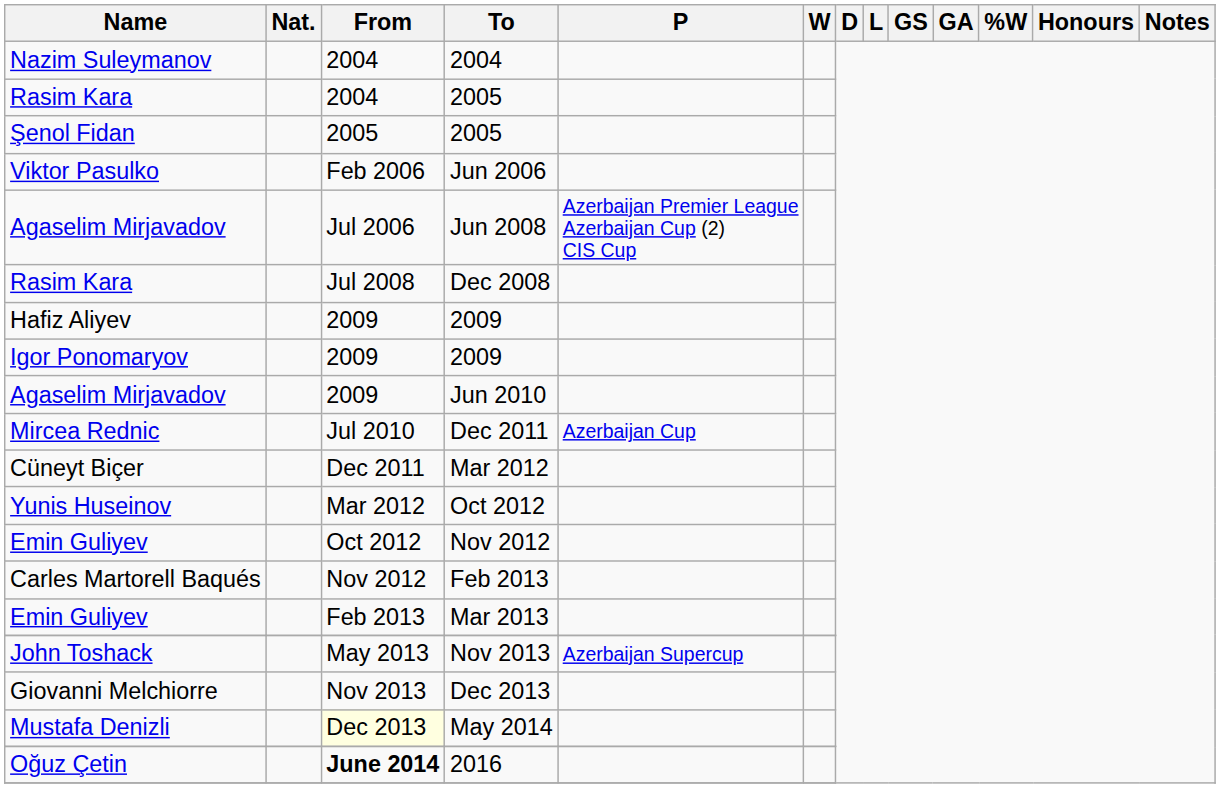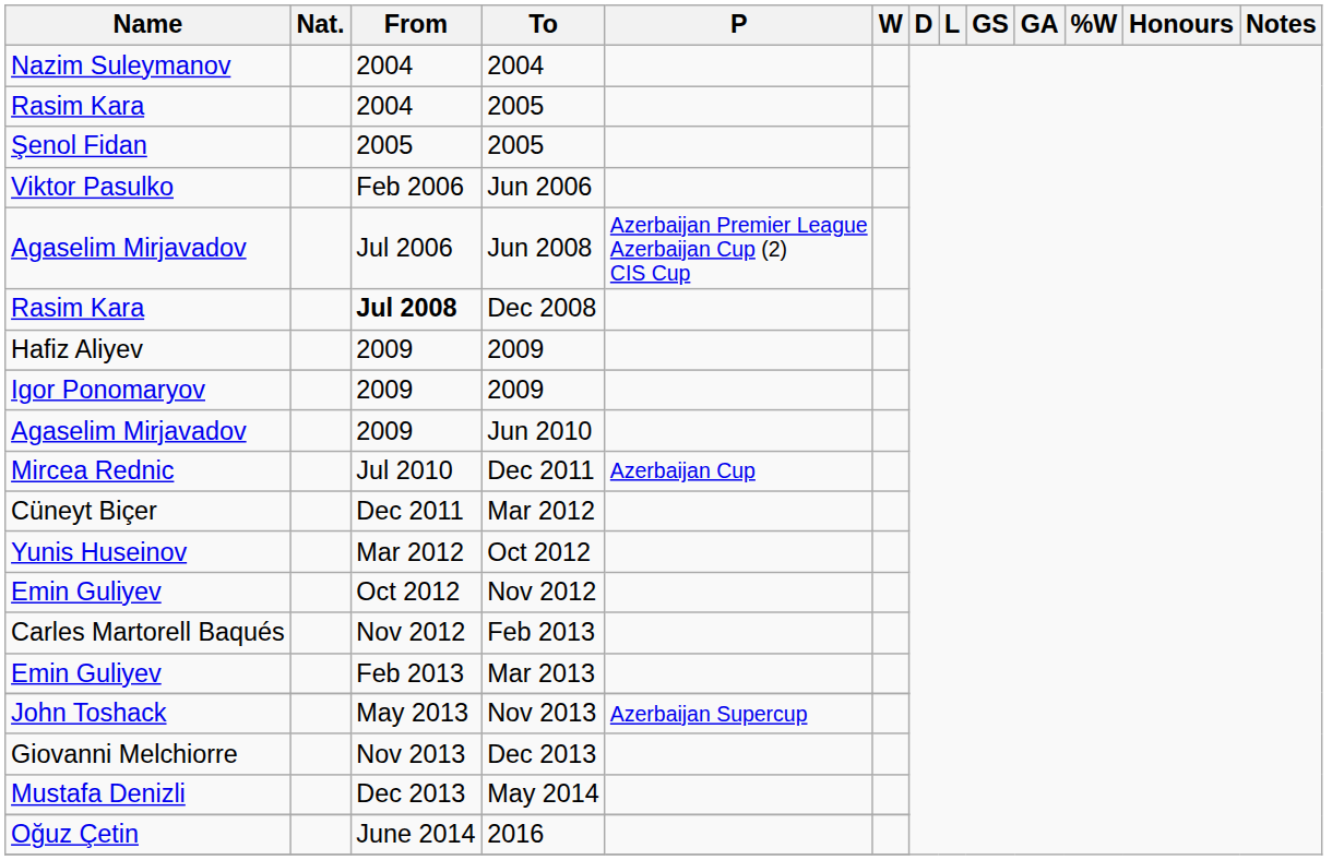 <table class="wikitable sortable" style="text-align: center">
 <tr>
 <th>Name</th>
 <th>Nat.</th>
 <th class="unsortable">From</th>
 <th class="unsortable">To</th>
 <th abbr="TOTAL OF MATCHES PLAYED">P</th>
 <th abbr="MATCHES WON">W</th>
 <th abbr="MATCHES DRAWN">D</th>
 <th abbr="MATCHES LOST">L</th>
 <th abbr="GOALS SCORED">GS</th>
 <th abbr="GOAL AGAINST">GA</th>
 <th abbr="PERCENTAGE OF MATCHES WON">%W</th>
 <th abbr="HONOURS">Honours</th>
 <th abbr="NOTES">Notes</th>
 </tr>
 <tr>
 <td align=left><a href='#'>Nazim Suleymanov</a></td>
 <td align=left></td>
 <td align=left>2004</td>
 <td align=left>2004<br></td>
 <td></td>
 <td></td>
 </tr>
 <tr>
 <td align=left><a href='#'>Rasim Kara</a></td>
 <td align=left></td>
 <td align=left>2004</td>
 <td align=left>2005<br></td>
 <td></td>
 <td></td>
 </tr>
 <tr>
 <td align=left><a href='#'>Şenol Fidan</a> </td>
 <td align=left></td>
 <td align=left>2005</td>
 <td align=left>2005<br></td>
 <td></td>
 <td></td>
 </tr>
 <tr>
 <td align=left><a href='#'>Viktor Pasulko</a></td>
 <td align=left></td>
 <td align=left>Feb 2006</td>
 <td align=left>Jun 2006<br></td>
 <td></td>
 <td></td>
 </tr>
 <tr>
 <td align=left><a href='#'>Agaselim Mirjavadov</a></td>
 <td align=left></td>
 <td align=left>Jul 2006</td>
 <td align=left>Jun 2008<br></td>
 <td style="text-align:left;font-size:smaller"><a href='#'>Azerbaijan Premier League</a><br><a href='#'>Azerbaijan Cup</a> (2)<br><a href='#'>CIS Cup</a></td>
 <td></td>
 </tr>
 <tr>
 <td align=left><a href='#'>Rasim Kara</a></td>
 <td align=left></td>
-<td align=left>Jul 2008</td>
+<td align=left><strong>Jul 2008</strong></td>
 <td align=left>Dec 2008<br></td>
 <td></td>
 <td></td>
 </tr>
 <tr>
 <td align=left>Hafiz Aliyev </td>
 <td align=left></td>
 <td align=left>2009</td>
 <td align=left>2009<br></td>
 <td></td>
 <td></td>
 </tr>
 <tr>
 <td align=left><a href='#'>Igor Ponomaryov</a></td>
 <td align=left></td>
 <td align=left>2009</td>
 <td align=left>2009<br></td>
 <td></td>
 <td></td>
 </tr>
 <tr>
 <td align=left><a href='#'>Agaselim Mirjavadov</a></td>
 <td align=left></td>
 <td align=left>2009</td>
 <td align=left>Jun 2010<br></td>
 <td></td>
 <td></td>
 </tr>
 <tr>
 <td align=left><a href='#'>Mircea Rednic</a></td>
 <td align=left></td>
 <td align=left>Jul 2010</td>
 <td align=left>Dec 2011<br></td>
 <td style="text-align:left;font-size:smaller"><a href='#'>Azerbaijan Cup</a></td>
 <td></td>
 </tr>
 <tr>
 <td align=left>Cüneyt Biçer</td>
 <td align=left></td>
 <td align=left>Dec 2011</td>
 <td align=left>Mar 2012<br></td>
 <td></td>
 <td></td>
 </tr>
 <tr>
 <td align=left><a href='#'>Yunis Huseinov</a></td>
 <td align=left></td>
 <td align=left>Mar 2012</td>
 <td align=left>Oct 2012<br></td>
 <td></td>
 <td></td>
 </tr>
 <tr>
 <td align=left><a href='#'>Emin Guliyev</a> </td>
 <td align=left></td>
 <td align=left>Oct 2012</td>
 <td align=left>Nov 2012<br></td>
 <td></td>
 <td></td>
 </tr>
 <tr>
 <td align=left>Carles Martorell Baqués</td>
 <td align=left></td>
 <td align=left>Nov 2012</td>
 <td align=left>Feb 2013<br></td>
 <td></td>
 <td></td>
 </tr>
 <tr>
 <td align=left><a href='#'>Emin Guliyev</a> </td>
 <td align=left></td>
 <td align=left>Feb 2013</td>
 <td align=left>Mar 2013<br></td>
 <td></td>
 <td></td>
 </tr>
 <tr>
 </tr>
 <tr>
 <td align=left><a href='#'>John Toshack</a></td>
 <td align=left></td>
 <td align=left>May 2013</td>
 <td align=left>Nov 2013<br></td>
 <td style="text-align:left;font-size:smaller"><a href='#'>Azerbaijan Supercup</a></td>
 <td></td>
 </tr>
 <tr>
 <td align=left>Giovanni Melchiorre </td>
 <td align=left></td>
 <td align=left>Nov 2013</td>
 <td align=left>Dec 2013<br></td>
 <td></td>
 <td></td>
 </tr>
 <tr>
 <td align=left><a href='#'>Mustafa Denizli</a></td>
 <td align=left></td>
-<td align=left style="background: lightyellow;">Dec 2013</td>
+<td align=left>Dec 2013</td>
 <td align=left>May 2014<br></td>
 <td></td>
 <td></td>
 </tr>
 <tr>
 </tr>
 <tr>
 <td align=left><a href='#'>Oğuz Çetin</a></td>
 <td align=left></td>
-<td align=left><strong>June 2014</strong></td>
+<td align=left>June 2014</td>
 <td align=left>2016<br></td>
 <td></td>
 <td></td>
 </tr>
 <tr>
 </tr>
 </table>
